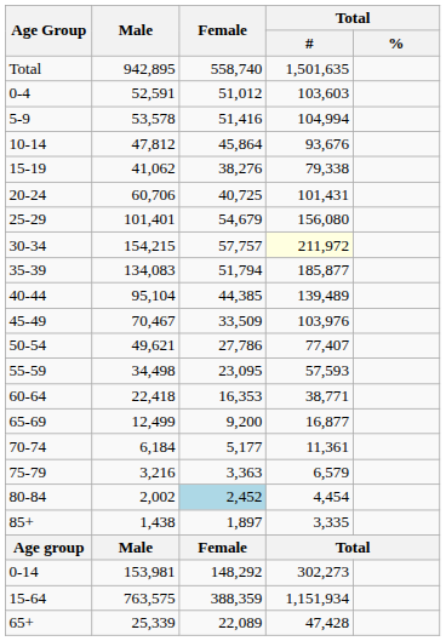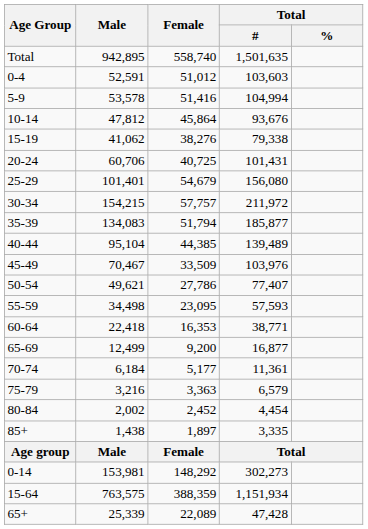 <table class="wikitable">
 <tr>
 <th rowspan=2 width="80pt">Age Group</th>
 <th rowspan=2 width="80pt">Male</th>
 <th rowspan=2 width="80pt">Female</th>
 <th colspan=2>Total</th>
 </tr>
 <tr>
 <th width="80pt">#</th>
 <th width="80pt">%</th>
 </tr>
 <tr>
 <td>Total</td>
 <td align="right">942,895</td>
 <td align="right">558,740</td>
 <td align="right">1,501,635</td>
 <td></td>
 </tr>
 <tr>
 <td>0-4</td>
 <td align="right">52,591</td>
 <td align="right">51,012</td>
 <td align="right">103,603</td>
 <td></td>
 </tr>
 <tr>
 <td>5-9</td>
 <td align="right">53,578</td>
 <td align="right">51,416</td>
 <td align="right">104,994</td>
 <td></td>
 </tr>
 <tr>
 <td>10-14</td>
 <td align="right">47,812</td>
 <td align="right">45,864</td>
 <td align="right">93,676</td>
 <td></td>
 </tr>
 <tr>
 <td>15-19</td>
 <td align="right">41,062</td>
 <td align="right">38,276</td>
 <td align="right">79,338</td>
 <td></td>
 </tr>
 <tr>
 <td>20-24</td>
 <td align="right">60,706</td>
 <td align="right">40,725</td>
 <td align="right">101,431</td>
 <td></td>
 </tr>
 <tr>
 <td>25-29</td>
 <td align="right">101,401</td>
 <td align="right">54,679</td>
 <td align="right">156,080</td>
 <td></td>
 </tr>
 <tr>
 <td>30-34</td>
 <td align="right">154,215</td>
 <td align="right">57,757</td>
-<td align="right" style="background: lightyellow;">211,972</td>
+<td align="right">211,972</td>
 <td></td>
 </tr>
 <tr>
 <td>35-39</td>
 <td align="right">134,083</td>
 <td align="right">51,794</td>
 <td align="right">185,877</td>
 <td></td>
 </tr>
 <tr>
 <td>40-44</td>
 <td align="right">95,104</td>
 <td align="right">44,385</td>
 <td align="right">139,489</td>
 <td></td>
 </tr>
 <tr>
 <td>45-49</td>
 <td align="right">70,467</td>
 <td align="right">33,509</td>
 <td align="right">103,976</td>
 <td></td>
 </tr>
 <tr>
 <td>50-54</td>
 <td align="right">49,621</td>
 <td align="right">27,786</td>
 <td align="right">77,407</td>
 <td></td>
 </tr>
 <tr>
 <td>55-59</td>
 <td align="right">34,498</td>
 <td align="right">23,095</td>
 <td align="right">57,593</td>
 <td></td>
 </tr>
 <tr>
 <td>60-64</td>
 <td align="right">22,418</td>
 <td align="right">16,353</td>
 <td align="right">38,771</td>
 <td></td>
 </tr>
 <tr>
 <td>65-69</td>
 <td align="right">12,499</td>
 <td align="right">9,200</td>
 <td align="right">16,877</td>
 <td></td>
 </tr>
 <tr>
 <td>70-74</td>
 <td align="right">6,184</td>
 <td align="right">5,177</td>
 <td align="right">11,361</td>
 <td></td>
 </tr>
 <tr>
 <td>75-79</td>
 <td align="right">3,216</td>
 <td align="right">3,363</td>
 <td align="right">6,579</td>
 <td></td>
 </tr>
 <tr>
 <td>80-84</td>
 <td align="right">2,002</td>
-<td align="right" style="background: lightblue;">2,452</td>
+<td align="right">2,452</td>
 <td align="right">4,454</td>
 <td></td>
 </tr>
 <tr>
 <td>85+</td>
 <td align="right">1,438</td>
 <td align="right">1,897</td>
 <td align="right">3,335</td>
 <td></td>
 </tr>
 <tr>
 <th width="50">Age group</th>
 <th width="80pt">Male</th>
 <th width="80">Female</th>
 <th colspan=2 width="80">Total</th>
 </tr>
 <tr>
 <td>0-14</td>
 <td align="right">153,981</td>
 <td align="right">148,292</td>
 <td align="right">302,273</td>
 <td></td>
 </tr>
 <tr>
 <td>15-64</td>
 <td align="right">763,575</td>
 <td align="right">388,359</td>
 <td align="right">1,151,934</td>
 <td></td>
 </tr>
 <tr>
 <td>65+</td>
 <td align="right">25,339</td>
 <td align="right">22,089</td>
 <td align="right">47,428</td>
 <td></td>
 </tr>
 </table>
